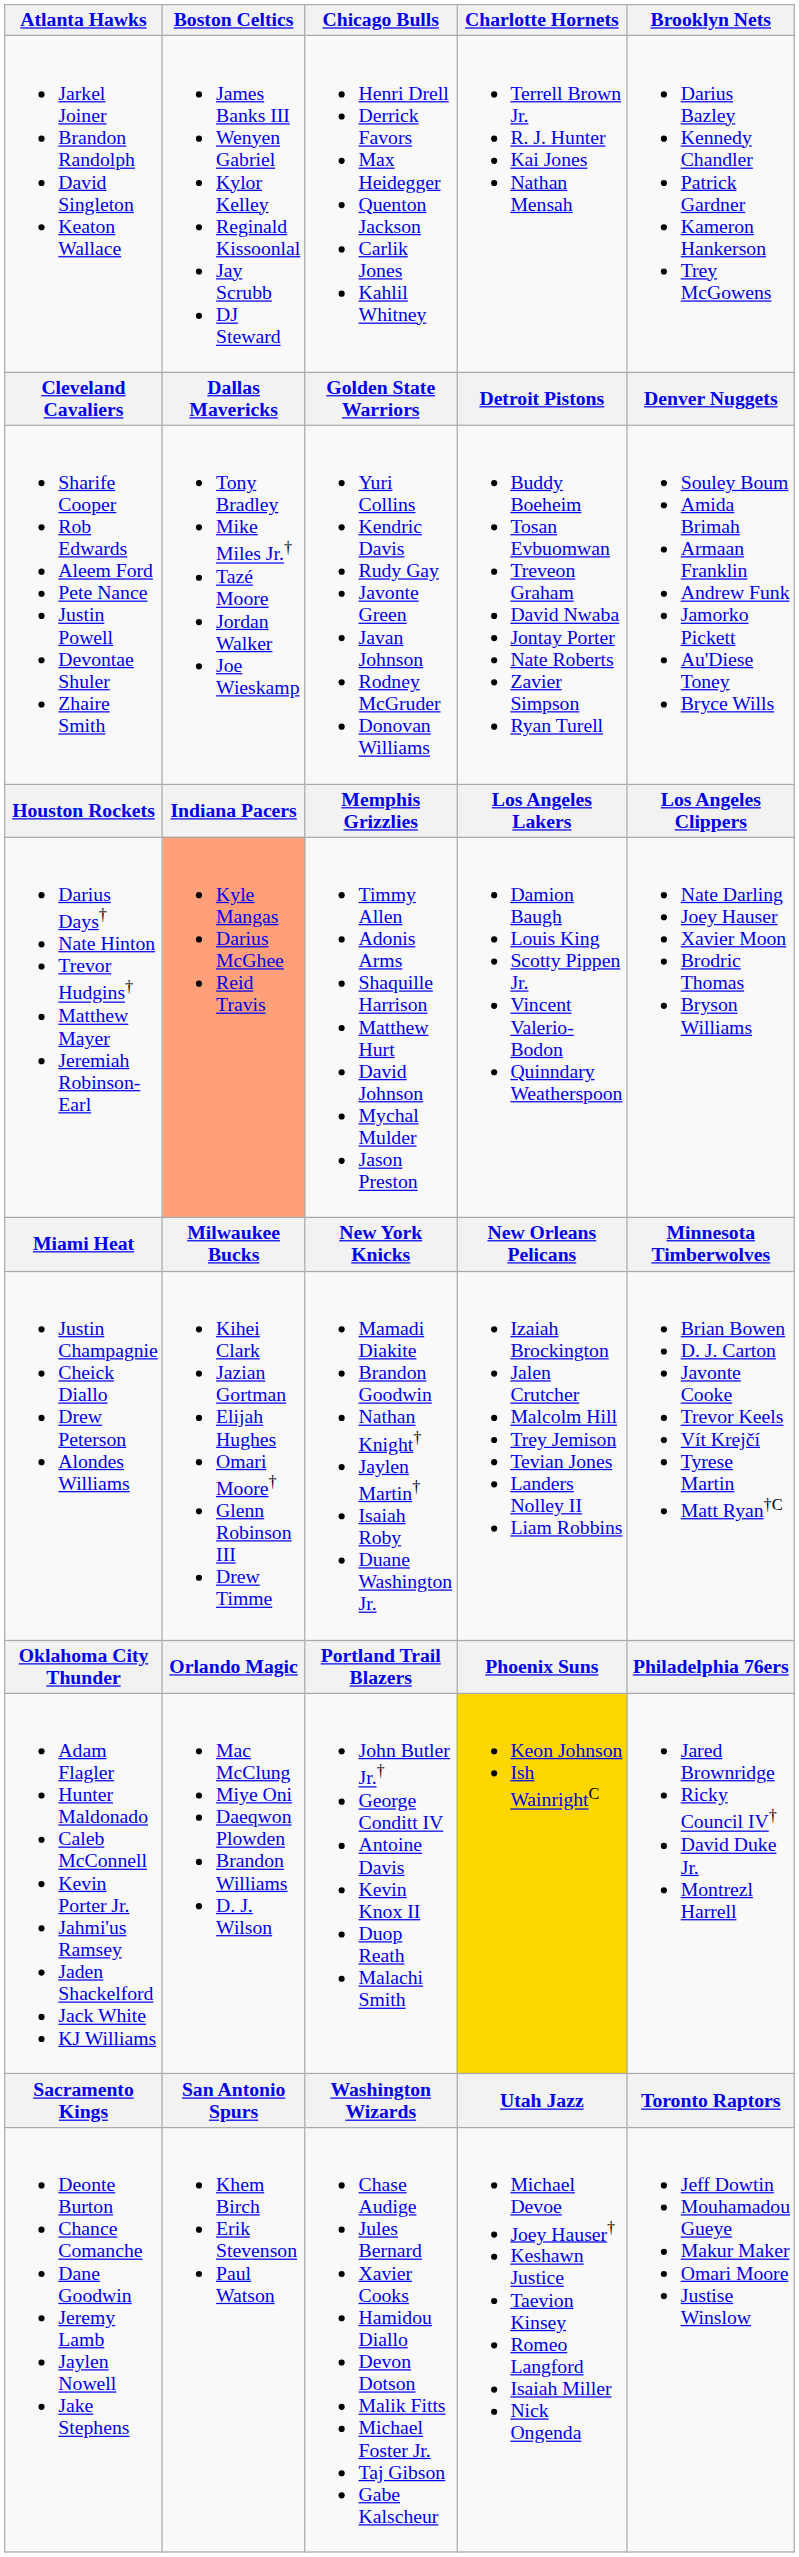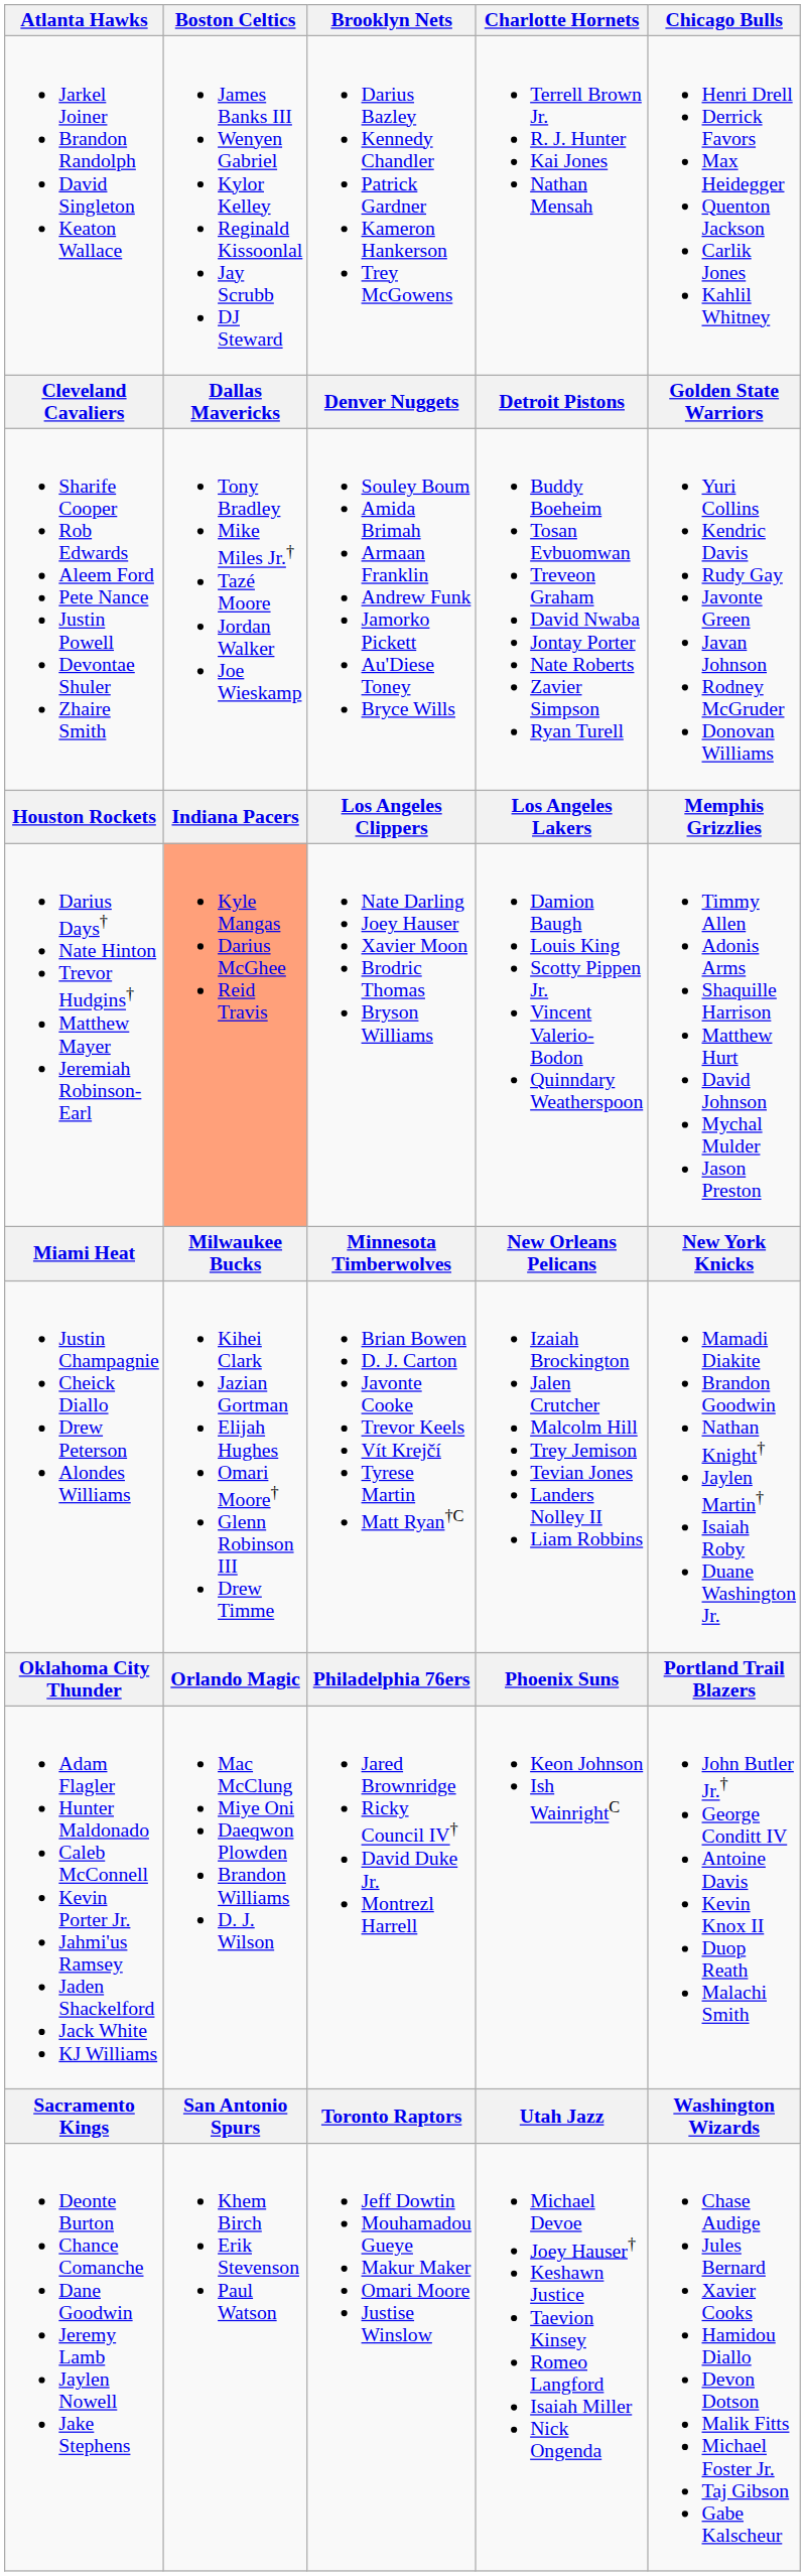 <table class="wikitable">
 <tr>
 <th style="width:185px"><a href='#'>Atlanta Hawks</a></th>
 <th style="width:185px"><a href='#'>Boston Celtics</a></th>
+<th style="width:185px"><a href='#'>Brooklyn Nets</a></th>
+<th style="width:185px"><a href='#'>Charlotte Hornets</a></th>
 <th style="width:185px"><a href='#'>Chicago Bulls</a></th>
-<th style="width:185px"><a href='#'>Charlotte Hornets</a></th>
-<th style="width:185px"><a href='#'>Brooklyn Nets</a></th>
 </tr>
 <tr>
 <td valign=top><br><ul><li><a href='#'>Jarkel Joiner</a></li><li><a href='#'>Brandon Randolph</a></li><li><a href='#'>David Singleton</a></li><li><a href='#'>Keaton Wallace</a></li></ul></td>
 <td valign=top><br><ul><li><a href='#'>James Banks III</a></li><li><a href='#'>Wenyen Gabriel</a></li><li><a href='#'>Kylor Kelley</a></li><li><a href='#'>Reginald Kissoonlal</a></li><li><a href='#'>Jay Scrubb</a></li><li><a href='#'>DJ Steward</a></li></ul></td>
+<td valign=top><br><ul><li><a href='#'>Darius Bazley</a></li><li><a href='#'>Kennedy Chandler</a></li><li><a href='#'>Patrick Gardner</a></li><li><a href='#'>Kameron Hankerson</a></li><li><a href='#'>Trey McGowens</a></li></ul></td>
+<td valign=top><br><ul><li><a href='#'>Terrell Brown Jr.</a></li><li><a href='#'>R. J. Hunter</a></li><li><a href='#'>Kai Jones</a></li><li><a href='#'>Nathan Mensah</a></li></ul></td>
 <td valign=top><br><ul><li><a href='#'>Henri Drell</a></li><li><a href='#'>Derrick Favors</a></li><li><a href='#'>Max Heidegger</a></li><li><a href='#'>Quenton Jackson</a></li><li><a href='#'>Carlik Jones</a></li><li><a href='#'>Kahlil Whitney</a></li></ul></td>
-<td valign=top><br><ul><li><a href='#'>Terrell Brown Jr.</a></li><li><a href='#'>R. J. Hunter</a></li><li><a href='#'>Kai Jones</a></li><li><a href='#'>Nathan Mensah</a></li></ul></td>
-<td valign=top><br><ul><li><a href='#'>Darius Bazley</a></li><li><a href='#'>Kennedy Chandler</a></li><li><a href='#'>Patrick Gardner</a></li><li><a href='#'>Kameron Hankerson</a></li><li><a href='#'>Trey McGowens</a></li></ul></td>
 </tr>
 <tr>
 <th style="width:185px"><a href='#'>Cleveland Cavaliers</a></th>
 <th style="width:185px"><a href='#'>Dallas Mavericks</a></th>
+<th style="width:185px"><a href='#'>Denver Nuggets</a></th>
+<th style="width:185px"><a href='#'>Detroit Pistons</a></th>
 <th style="width:185px"><a href='#'>Golden State Warriors</a></th>
-<th style="width:185px"><a href='#'>Detroit Pistons</a></th>
-<th style="width:185px"><a href='#'>Denver Nuggets</a></th>
 </tr>
 <tr>
 <td valign=top><br><ul><li><a href='#'>Sharife Cooper</a></li><li><a href='#'>Rob Edwards</a></li><li><a href='#'>Aleem Ford</a></li><li><a href='#'>Pete Nance</a></li><li><a href='#'>Justin Powell</a></li><li><a href='#'>Devontae Shuler</a></li><li><a href='#'>Zhaire Smith</a></li></ul></td>
 <td valign=top><br><ul><li><a href='#'>Tony Bradley</a></li><li><a href='#'>Mike Miles Jr.</a><sup>†</sup></li><li><a href='#'>Tazé Moore</a></li><li><a href='#'>Jordan Walker</a></li><li><a href='#'>Joe Wieskamp</a></li></ul></td>
+<td valign=top><br><ul><li><a href='#'>Souley Boum</a></li><li><a href='#'>Amida Brimah</a></li><li><a href='#'>Armaan Franklin</a></li><li><a href='#'>Andrew Funk</a></li><li><a href='#'>Jamorko Pickett</a></li><li><a href='#'>Au'Diese Toney</a></li><li><a href='#'>Bryce Wills</a></li></ul></td>
+<td valign=top><br><ul><li><a href='#'>Buddy Boeheim</a></li><li><a href='#'>Tosan Evbuomwan</a></li><li><a href='#'>Treveon Graham</a></li><li><a href='#'>David Nwaba</a></li><li><a href='#'>Jontay Porter</a></li><li><a href='#'>Nate Roberts</a></li><li><a href='#'>Zavier Simpson</a></li><li><a href='#'>Ryan Turell</a></li></ul></td>
 <td valign=top><br><ul><li><a href='#'>Yuri Collins</a></li><li><a href='#'>Kendric Davis</a></li><li><a href='#'>Rudy Gay</a></li><li><a href='#'>Javonte Green</a></li><li><a href='#'>Javan Johnson</a></li><li><a href='#'>Rodney McGruder</a></li><li><a href='#'>Donovan Williams</a></li></ul></td>
-<td valign=top><br><ul><li><a href='#'>Buddy Boeheim</a></li><li><a href='#'>Tosan Evbuomwan</a></li><li><a href='#'>Treveon Graham</a></li><li><a href='#'>David Nwaba</a></li><li><a href='#'>Jontay Porter</a></li><li><a href='#'>Nate Roberts</a></li><li><a href='#'>Zavier Simpson</a></li><li><a href='#'>Ryan Turell</a></li></ul></td>
-<td valign=top><br><ul><li><a href='#'>Souley Boum</a></li><li><a href='#'>Amida Brimah</a></li><li><a href='#'>Armaan Franklin</a></li><li><a href='#'>Andrew Funk</a></li><li><a href='#'>Jamorko Pickett</a></li><li><a href='#'>Au'Diese Toney</a></li><li><a href='#'>Bryce Wills</a></li></ul></td>
 </tr>
 <tr>
 <th style="width:185px"><a href='#'>Houston Rockets</a></th>
 <th style="width:185px"><a href='#'>Indiana Pacers</a></th>
+<th style="width:185px"><a href='#'>Los Angeles Clippers</a></th>
+<th style="width:185px"><a href='#'>Los Angeles Lakers</a></th>
 <th style="width:185px"><a href='#'>Memphis Grizzlies</a></th>
-<th style="width:185px"><a href='#'>Los Angeles Lakers</a></th>
-<th style="width:185px"><a href='#'>Los Angeles Clippers</a></th>
 </tr>
 <tr>
 <td valign=top><br><ul><li><a href='#'>Darius Days</a><sup>†</sup></li><li><a href='#'>Nate Hinton</a></li><li><a href='#'>Trevor Hudgins</a><sup>†</sup></li><li><a href='#'>Matthew Mayer</a></li><li><a href='#'>Jeremiah Robinson-Earl</a></li></ul></td>
 <td valign=top style="background: lightsalmon;"><br><ul><li><a href='#'>Kyle Mangas</a></li><li><a href='#'>Darius McGhee</a></li><li><a href='#'>Reid Travis</a></li></ul></td>
+<td valign=top><br><ul><li><a href='#'>Nate Darling</a></li><li><a href='#'>Joey Hauser</a></li><li><a href='#'>Xavier Moon</a></li><li><a href='#'>Brodric Thomas</a></li><li><a href='#'>Bryson Williams</a></li></ul></td>
+<td valign=top><br><ul><li><a href='#'>Damion Baugh</a></li><li><a href='#'>Louis King</a></li><li><a href='#'>Scotty Pippen Jr.</a></li><li><a href='#'>Vincent Valerio-Bodon</a></li><li><a href='#'>Quinndary Weatherspoon</a></li></ul></td>
 <td valign=top><br><ul><li><a href='#'>Timmy Allen</a></li><li><a href='#'>Adonis Arms</a></li><li><a href='#'>Shaquille Harrison</a></li><li><a href='#'>Matthew Hurt</a></li><li><a href='#'>David Johnson</a></li><li><a href='#'>Mychal Mulder</a></li><li><a href='#'>Jason Preston</a></li></ul></td>
-<td valign=top><br><ul><li><a href='#'>Damion Baugh</a></li><li><a href='#'>Louis King</a></li><li><a href='#'>Scotty Pippen Jr.</a></li><li><a href='#'>Vincent Valerio-Bodon</a></li><li><a href='#'>Quinndary Weatherspoon</a></li></ul></td>
-<td valign=top><br><ul><li><a href='#'>Nate Darling</a></li><li><a href='#'>Joey Hauser</a></li><li><a href='#'>Xavier Moon</a></li><li><a href='#'>Brodric Thomas</a></li><li><a href='#'>Bryson Williams</a></li></ul></td>
 </tr>
 <tr>
 <th style="width:185px"><a href='#'>Miami Heat</a></th>
 <th style="width:185px"><a href='#'>Milwaukee Bucks</a></th>
+<th style="width:185px"><a href='#'>Minnesota Timberwolves</a></th>
+<th style="width:185px"><a href='#'>New Orleans Pelicans</a></th>
 <th style="width:185px"><a href='#'>New York Knicks</a></th>
-<th style="width:185px"><a href='#'>New Orleans Pelicans</a></th>
-<th style="width:185px"><a href='#'>Minnesota Timberwolves</a></th>
 </tr>
 <tr>
 <td valign=top><br><ul><li><a href='#'>Justin Champagnie</a></li><li><a href='#'>Cheick Diallo</a></li><li><a href='#'>Drew Peterson</a></li><li><a href='#'>Alondes Williams</a></li></ul></td>
 <td valign=top><br><ul><li><a href='#'>Kihei Clark</a></li><li><a href='#'>Jazian Gortman</a></li><li><a href='#'>Elijah Hughes</a></li><li><a href='#'>Omari Moore</a><sup>†</sup></li><li><a href='#'>Glenn Robinson III</a></li><li><a href='#'>Drew Timme</a></li></ul></td>
+<td valign=top><br><ul><li><a href='#'>Brian Bowen</a></li><li><a href='#'>D. J. Carton</a></li><li><a href='#'>Javonte Cooke</a></li><li><a href='#'>Trevor Keels</a></li><li><a href='#'>Vít Krejčí</a></li><li><a href='#'>Tyrese Martin</a></li><li><a href='#'>Matt Ryan</a><sup>†C</sup></li></ul></td>
+<td valign=top><br><ul><li><a href='#'>Izaiah Brockington</a></li><li><a href='#'>Jalen Crutcher</a></li><li><a href='#'>Malcolm Hill</a></li><li><a href='#'>Trey Jemison</a></li><li><a href='#'>Tevian Jones</a></li><li><a href='#'>Landers Nolley II</a></li><li><a href='#'>Liam Robbins</a></li></ul></td>
 <td valign=top><br><ul><li><a href='#'>Mamadi Diakite</a></li><li><a href='#'>Brandon Goodwin</a></li><li><a href='#'>Nathan Knight</a><sup>†</sup></li><li><a href='#'>Jaylen Martin</a><sup>†</sup></li><li><a href='#'>Isaiah Roby</a></li><li><a href='#'>Duane Washington Jr.</a></li></ul></td>
-<td valign=top><br><ul><li><a href='#'>Izaiah Brockington</a></li><li><a href='#'>Jalen Crutcher</a></li><li><a href='#'>Malcolm Hill</a></li><li><a href='#'>Trey Jemison</a></li><li><a href='#'>Tevian Jones</a></li><li><a href='#'>Landers Nolley II</a></li><li><a href='#'>Liam Robbins</a></li></ul></td>
-<td valign=top><br><ul><li><a href='#'>Brian Bowen</a></li><li><a href='#'>D. J. Carton</a></li><li><a href='#'>Javonte Cooke</a></li><li><a href='#'>Trevor Keels</a></li><li><a href='#'>Vít Krejčí</a></li><li><a href='#'>Tyrese Martin</a></li><li><a href='#'>Matt Ryan</a><sup>†C</sup></li></ul></td>
 </tr>
 <tr>
 <th style="width:185px"><a href='#'>Oklahoma City Thunder</a></th>
 <th style="width:185px"><a href='#'>Orlando Magic</a></th>
+<th style="width:185px"><a href='#'>Philadelphia 76ers</a></th>
+<th style="width:185px"><a href='#'>Phoenix Suns</a></th>
 <th style="width:185px"><a href='#'>Portland Trail Blazers</a></th>
-<th style="width:185px"><a href='#'>Phoenix Suns</a></th>
-<th style="width:185px"><a href='#'>Philadelphia 76ers</a></th>
 </tr>
 <tr>
 <td valign=top><br><ul><li><a href='#'>Adam Flagler</a></li><li><a href='#'>Hunter Maldonado</a></li><li><a href='#'>Caleb McConnell</a></li><li><a href='#'>Kevin Porter Jr.</a></li><li><a href='#'>Jahmi'us Ramsey</a></li><li><a href='#'>Jaden Shackelford</a></li><li><a href='#'>Jack White</a></li><li><a href='#'>KJ Williams</a></li></ul></td>
 <td valign=top><br><ul><li><a href='#'>Mac McClung</a></li><li><a href='#'>Miye Oni</a></li><li><a href='#'>Daeqwon Plowden</a></li><li><a href='#'>Brandon Williams</a></li><li><a href='#'>D. J. Wilson</a></li></ul></td>
+<td valign=top><br><ul><li><a href='#'>Jared Brownridge</a></li><li><a href='#'>Ricky Council IV</a><sup>†</sup></li><li><a href='#'>David Duke Jr.</a></li><li><a href='#'>Montrezl Harrell</a></li></ul></td>
+<td valign=top><br><ul><li><a href='#'>Keon Johnson</a></li><li><a href='#'>Ish Wainright</a><sup>C</sup></li></ul></td>
 <td valign=top><br><ul><li><a href='#'>John Butler Jr.</a><sup>†</sup></li><li><a href='#'>George Conditt IV</a></li><li><a href='#'>Antoine Davis</a></li><li><a href='#'>Kevin Knox II</a></li><li><a href='#'>Duop Reath</a></li><li><a href='#'>Malachi Smith</a></li></ul></td>
-<td valign=top style="background: gold;"><br><ul><li><a href='#'>Keon Johnson</a></li><li><a href='#'>Ish Wainright</a><sup>C</sup></li></ul></td>
-<td valign=top><br><ul><li><a href='#'>Jared Brownridge</a></li><li><a href='#'>Ricky Council IV</a><sup>†</sup></li><li><a href='#'>David Duke Jr.</a></li><li><a href='#'>Montrezl Harrell</a></li></ul></td>
 </tr>
 <tr>
 <th style="width:185px"><a href='#'>Sacramento Kings</a></th>
 <th style="width:185px"><a href='#'>San Antonio Spurs</a></th>
+<th style="width:185px"><a href='#'>Toronto Raptors</a></th>
+<th style="width:185px"><a href='#'>Utah Jazz</a></th>
 <th style="width:185px"><a href='#'>Washington Wizards</a></th>
-<th style="width:185px"><a href='#'>Utah Jazz</a></th>
-<th style="width:185px"><a href='#'>Toronto Raptors</a></th>
 </tr>
 <tr>
 <td valign=top><br><ul><li><a href='#'>Deonte Burton</a></li><li><a href='#'>Chance Comanche</a></li><li><a href='#'>Dane Goodwin</a></li><li><a href='#'>Jeremy Lamb</a></li><li><a href='#'>Jaylen Nowell</a></li><li><a href='#'>Jake Stephens</a></li></ul></td>
 <td valign=top><br><ul><li><a href='#'>Khem Birch</a></li><li><a href='#'>Erik Stevenson</a></li><li><a href='#'>Paul Watson</a></li></ul></td>
+<td valign=top><br><ul><li><a href='#'>Jeff Dowtin</a></li><li><a href='#'>Mouhamadou Gueye</a></li><li><a href='#'>Makur Maker</a></li><li><a href='#'>Omari Moore</a></li><li><a href='#'>Justise Winslow</a></li></ul></td>
+<td valign=top><br><ul><li><a href='#'>Michael Devoe</a></li><li><a href='#'>Joey Hauser</a><sup>†</sup></li><li><a href='#'>Keshawn Justice</a></li><li><a href='#'>Taevion Kinsey</a></li><li><a href='#'>Romeo Langford</a></li><li><a href='#'>Isaiah Miller</a></li><li><a href='#'>Nick Ongenda</a></li></ul></td>
 <td valign=top><br><ul><li><a href='#'>Chase Audige</a></li><li><a href='#'>Jules Bernard</a></li><li><a href='#'>Xavier Cooks</a></li><li><a href='#'>Hamidou Diallo</a></li><li><a href='#'>Devon Dotson</a></li><li><a href='#'>Malik Fitts</a></li><li><a href='#'>Michael Foster Jr.</a></li><li><a href='#'>Taj Gibson</a></li><li><a href='#'>Gabe Kalscheur</a></li></ul></td>
-<td valign=top><br><ul><li><a href='#'>Michael Devoe</a></li><li><a href='#'>Joey Hauser</a><sup>†</sup></li><li><a href='#'>Keshawn Justice</a></li><li><a href='#'>Taevion Kinsey</a></li><li><a href='#'>Romeo Langford</a></li><li><a href='#'>Isaiah Miller</a></li><li><a href='#'>Nick Ongenda</a></li></ul></td>
-<td valign=top><br><ul><li><a href='#'>Jeff Dowtin</a></li><li><a href='#'>Mouhamadou Gueye</a></li><li><a href='#'>Makur Maker</a></li><li><a href='#'>Omari Moore</a></li><li><a href='#'>Justise Winslow</a></li></ul></td>
 </tr>
 </table>
